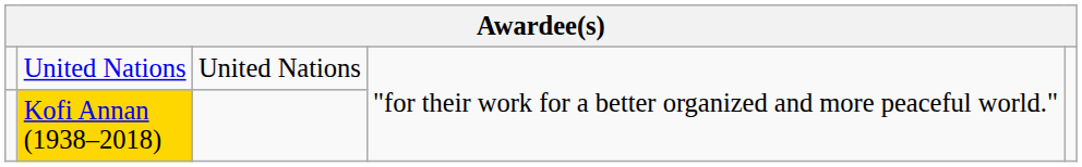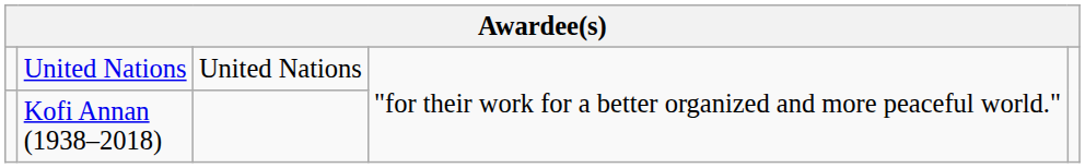 <table class="wikitable">
 <tr>
 <th colspan="5">Awardee(s)</th>
 </tr>
 <tr>
 <td></td>
 <td><a href='#'>United Nations</a></td>
 <td>United Nations</td>
 <td rowspan="2">"for their work for a better organized and more peaceful world."</td>
 <td rowspan="2"></td>
 </tr>
 <tr>
 <td></td>
-<td style="background: gold;"><a href='#'>Kofi Annan</a><br>(1938–2018)</td>
+<td><a href='#'>Kofi Annan</a><br>(1938–2018)</td>
 <td></td>
 </tr>
 </table>
